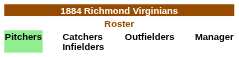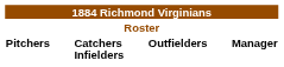 <table class="toccolours" style="font-size: 95%;">
 <tr>
 <th colspan="10" style="background-color: #964B00; color: white; text-align: center;">1884 Richmond Virginians</th>
 </tr>
 <tr>
 <td colspan="10" style="background-color: white; color: #964B00; text-align: center;"><strong>Roster</strong></td>
 </tr>
 <tr>
-<td valign="top" style="background: lightgreen;"><strong>Pitchers</strong><br>   </td>
+<td valign="top"><strong>Pitchers</strong><br>   </td>
 <td width="25px"></td>
 <td valign="top"><strong>Catchers</strong><br>    <strong>Infielders</strong>      </td>
 <td width="25px"></td>
 <td valign="top"><strong>Outfielders</strong><br>    </td>
 <td width="25px"></td>
 <td valign="top"><strong>Manager</strong><br></td>
 </tr>
 </table>
